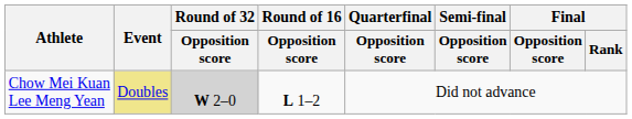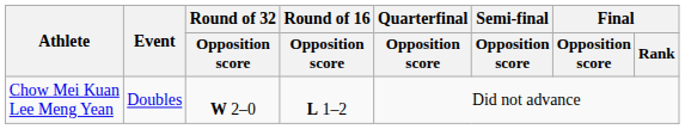 <table class=wikitable style="font-size:90%; text-align:center">
 <tr>
 <th rowspan="2">Athlete</th>
 <th rowspan="2">Event</th>
 <th>Round of 32</th>
 <th>Round of 16</th>
 <th>Quarterfinal</th>
 <th>Semi-final</th>
 <th colspan="2">Final</th>
 </tr>
 <tr style="font-size:95%">
 <th>Opposition<br> score</th>
 <th>Opposition<br> score</th>
 <th>Opposition<br> score</th>
 <th>Opposition<br> score</th>
 <th>Opposition<br> score</th>
 <th>Rank</th>
 </tr>
 <tr>
 <td align="left"><a href='#'>Chow Mei Kuan</a><br><a href='#'>Lee Meng Yean</a></td>
-<td align="left" style="background: khaki;"><a href='#'>Doubles</a></td>
-<td style="background: lightgrey;"><br><strong>W</strong> 2–0</td>
+<td align="left"><a href='#'>Doubles</a></td>
+<td><br><strong>W</strong> 2–0</td>
 <td><br><strong>L</strong> 1–2</td>
 <td colspan="4">Did not advance</td>
 </tr>
 </table>
